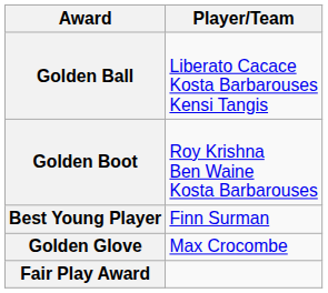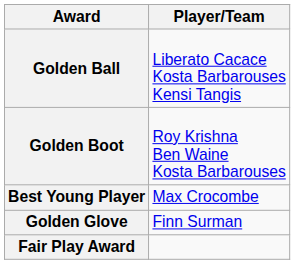 <table class="wikitable" style="text-align:center">
 <tr>
 <th>Award</th>
 <th>Player/Team</th>
 </tr>
 <tr>
 <th>Golden Ball</th>
 <td align=left><br>  <a href='#'>Liberato Cacace</a> <br>  <a href='#'>Kosta Barbarouses</a> <br>  <a href='#'>Kensi Tangis</a></td>
 </tr>
 <tr>
 <th>Golden Boot</th>
 <td align=left><br>  <a href='#'>Roy Krishna</a> <br>  <a href='#'>Ben Waine</a> <br>  <a href='#'>Kosta Barbarouses</a></td>
 </tr>
 <tr>
 <th>Best Young Player</th>
-<td align=left> <a href='#'>Finn Surman</a></td>
+<td align=left> <a href='#'>Max Crocombe</a></td>
 </tr>
 <tr>
 <th>Golden Glove</th>
-<td align=left> <a href='#'>Max Crocombe</a></td>
+<td align=left> <a href='#'>Finn Surman</a></td>
 </tr>
 <tr>
 <th>Fair Play Award</th>
 <td align=left></td>
 </tr>
 </table>
